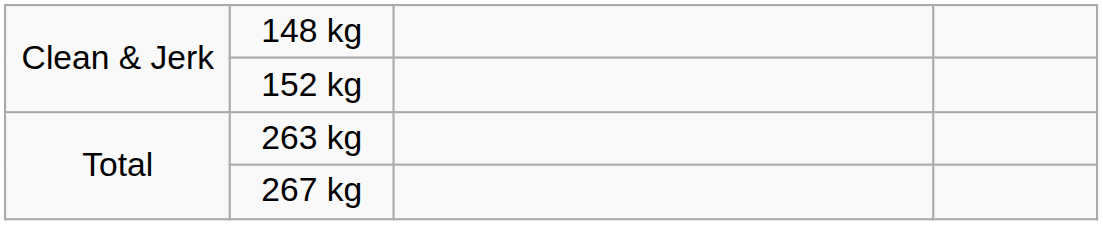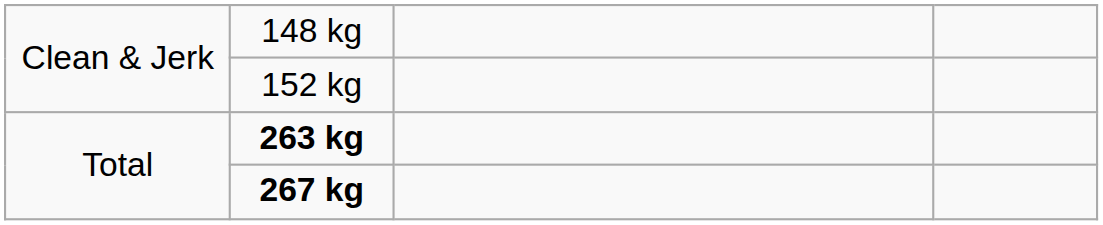 <table class = "wikitable" style="text-align:center;">
 <tr>
 <td width=100 rowspan=2>Clean & Jerk</td>
 <td width=70>148 kg</td>
 <td width=250 align=left></td>
 <td width=70></td>
 </tr>
 <tr>
 <td>152 kg</td>
 <td align=left></td>
 <td></td>
 </tr>
 <tr>
 <td rowspan=2>Total</td>
-<td>263 kg</td>
+<td><strong>263 kg</strong></td>
 <td align=left></td>
 <td></td>
 </tr>
 <tr>
-<td>267 kg</td>
+<td><strong>267 kg</strong></td>
 <td align=left></td>
 <td></td>
 </tr>
 </table>
